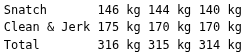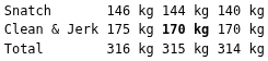 <table>
 <tr>
 <td>Snatch</td>
 <td></td>
 <td>146 kg</td>
 <td></td>
 <td>144 kg</td>
 <td></td>
 <td>140 kg</td>
 </tr>
 <tr>
 <td>Clean & Jerk</td>
 <td></td>
 <td>175 kg</td>
 <td></td>
-<td>170 kg</td>
+<td><strong>170 kg</strong></td>
 <td></td>
 <td>170 kg</td>
 </tr>
 <tr>
 <td>Total</td>
 <td></td>
 <td>316 kg</td>
 <td></td>
 <td>315 kg</td>
 <td></td>
 <td>314 kg</td>
 </tr>
 </table>
